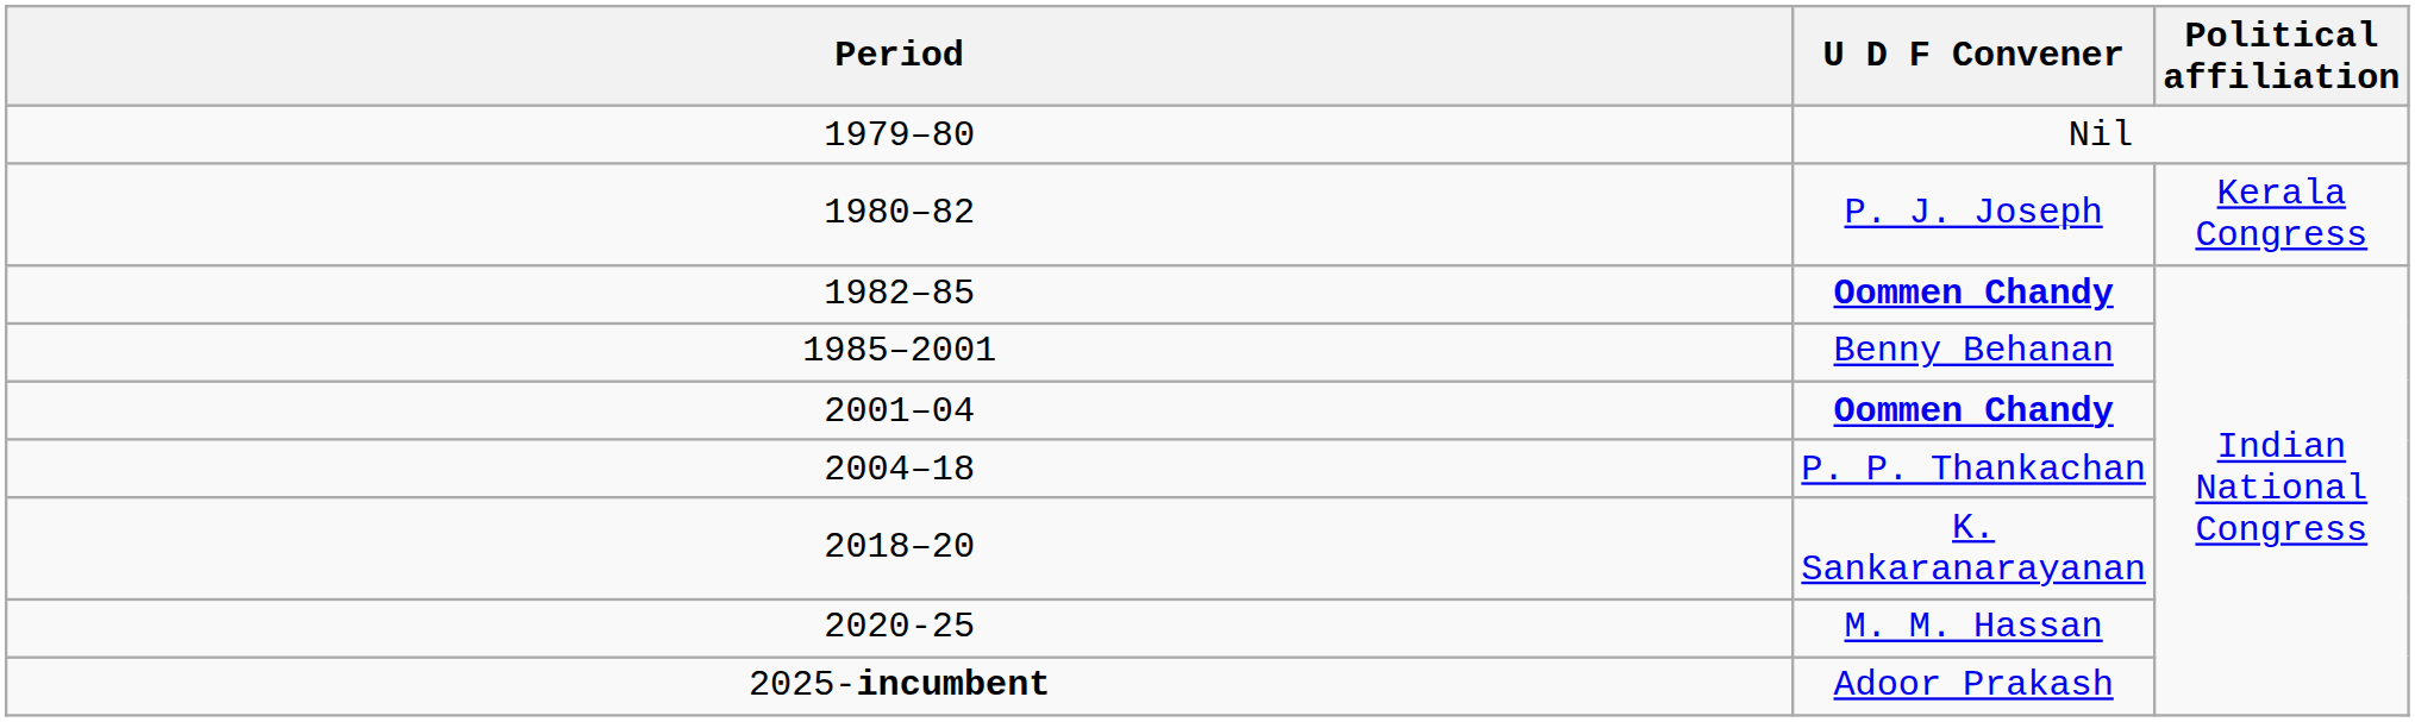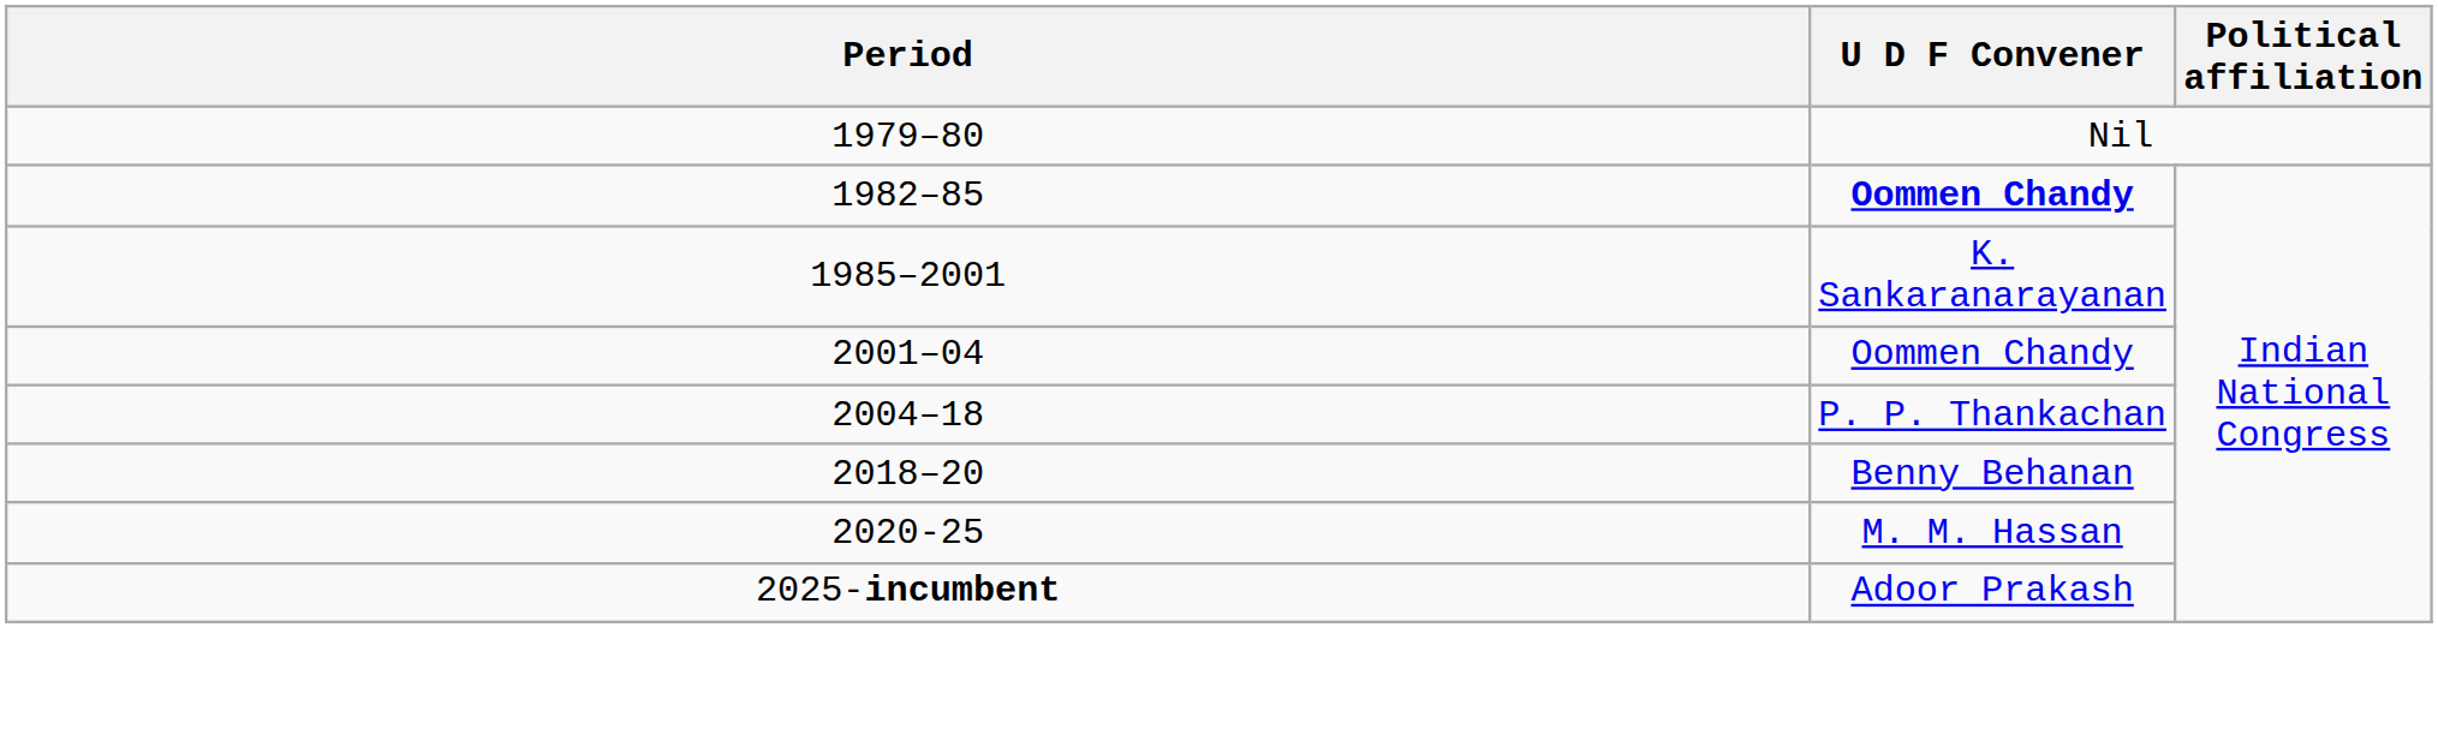 <table class="wikitable sortable" style="font-size: x-big; width="100%">
 <tr>
 <th style="width:100%;" Style="background-color:white; color:">Period</th>
 <th style="width:100%;" Style="background-color:white; color:">U D F Convener</th>
 <th style="width:100%;" Style="background-color:white; color:">Political affiliation</th>
 </tr>
 <tr style="text-align:center;">
 <td>1979–80</td>
 <td colspan="2">Nil</td>
 </tr>
 <tr style="text-align:center;">
-<td>1980–82</td>
-<td><a href='#'>P. J. Joseph</a></td>
-<td><a href='#'>Kerala Congress</a></td>
-</tr>
-<tr style="text-align:center;">
 <td>1982–85</td>
 <td><strong><a href='#'>Oommen Chandy</a></strong></td>
 <td rowspan="7"><a href='#'>Indian National Congress</a></td>
 </tr>
 <tr style="text-align:center;">
 <td>1985–2001</td>
-<td><a href='#'>Benny Behanan</a></td>
+<td><a href='#'>K. Sankaranarayanan</a></td>
 </tr>
 <tr style="text-align:center;">
 <td>2001–04</td>
-<td><strong><a href='#'>Oommen Chandy</a></strong></td>
+<td><a href='#'>Oommen Chandy</a></td>
 </tr>
 <tr style="text-align:center;">
 <td>2004–18</td>
 <td><a href='#'>P. P. Thankachan</a></td>
 </tr>
 <tr style="text-align:center;">
 <td>2018–20</td>
-<td><a href='#'>K. Sankaranarayanan</a></td>
+<td><a href='#'>Benny Behanan</a></td>
 </tr>
 <tr style="text-align:center;">
 <td>2020-25</td>
 <td><a href='#'>M. M. Hassan</a></td>
 </tr>
 <tr style="text-align:center;">
 <td>2025-<strong>incumbent</strong></td>
 <td><a href='#'>Adoor Prakash</a></td>
 </tr>
 </table>
